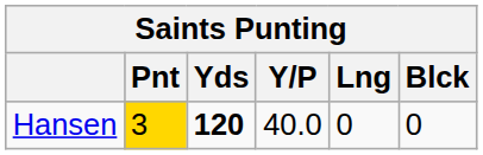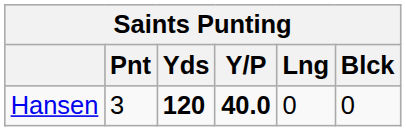 <table class="wikitable">
 <tr>
 <th colspan="6">Saints Punting</th>
 </tr>
 <tr>
 <th></th>
 <th>Pnt</th>
 <th>Yds</th>
 <th>Y/P</th>
 <th>Lng</th>
 <th>Blck</th>
 </tr>
 <tr>
 <td><a href='#'>Hansen</a></td>
-<td style="background: gold;">3</td>
+<td>3</td>
 <td><strong>120</strong></td>
-<td>40.0</td>
+<td><strong>40.0</strong></td>
 <td>0</td>
 <td>0</td>
 </tr>
 </table>
